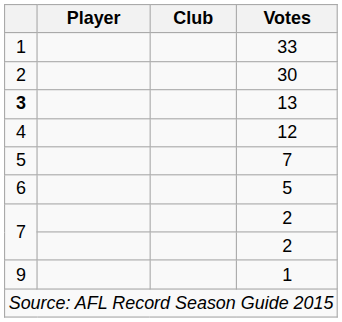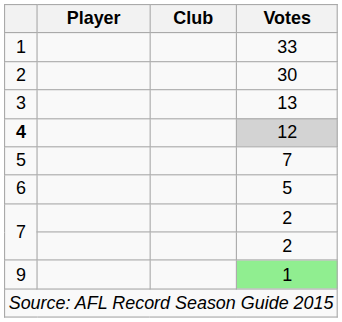 <table class="wikitable sortable" style="text-align:center">
 <tr>
 <th></th>
 <th>Player</th>
 <th>Club</th>
 <th>Votes</th>
 </tr>
 <tr>
 <td>1</td>
 <td></td>
 <td></td>
 <td>33</td>
 </tr>
 <tr>
 <td>2</td>
 <td></td>
 <td></td>
 <td>30</td>
 </tr>
 <tr>
-<td><strong>3</strong></td>
+<td>3</td>
 <td></td>
 <td></td>
 <td>13</td>
 </tr>
 <tr>
-<td>4</td>
+<td><strong>4</strong></td>
 <td></td>
 <td></td>
-<td>12</td>
+<td style="background: lightgrey;">12</td>
 </tr>
 <tr>
 <td>5</td>
 <td></td>
 <td></td>
 <td>7</td>
 </tr>
 <tr>
 <td>6</td>
 <td></td>
 <td></td>
 <td>5</td>
 </tr>
 <tr>
 <td rowspan=2>7</td>
 <td></td>
 <td></td>
 <td>2</td>
 </tr>
 <tr>
 <td></td>
 <td></td>
 <td>2</td>
 </tr>
 <tr>
 <td>9</td>
 <td></td>
 <td></td>
-<td>1</td>
+<td style="background: lightgreen;">1</td>
 </tr>
 <tr class="sortbottom">
 <td colspan=4><em>Source: AFL Record Season Guide 2015</em></td>
 </tr>
 </table>
